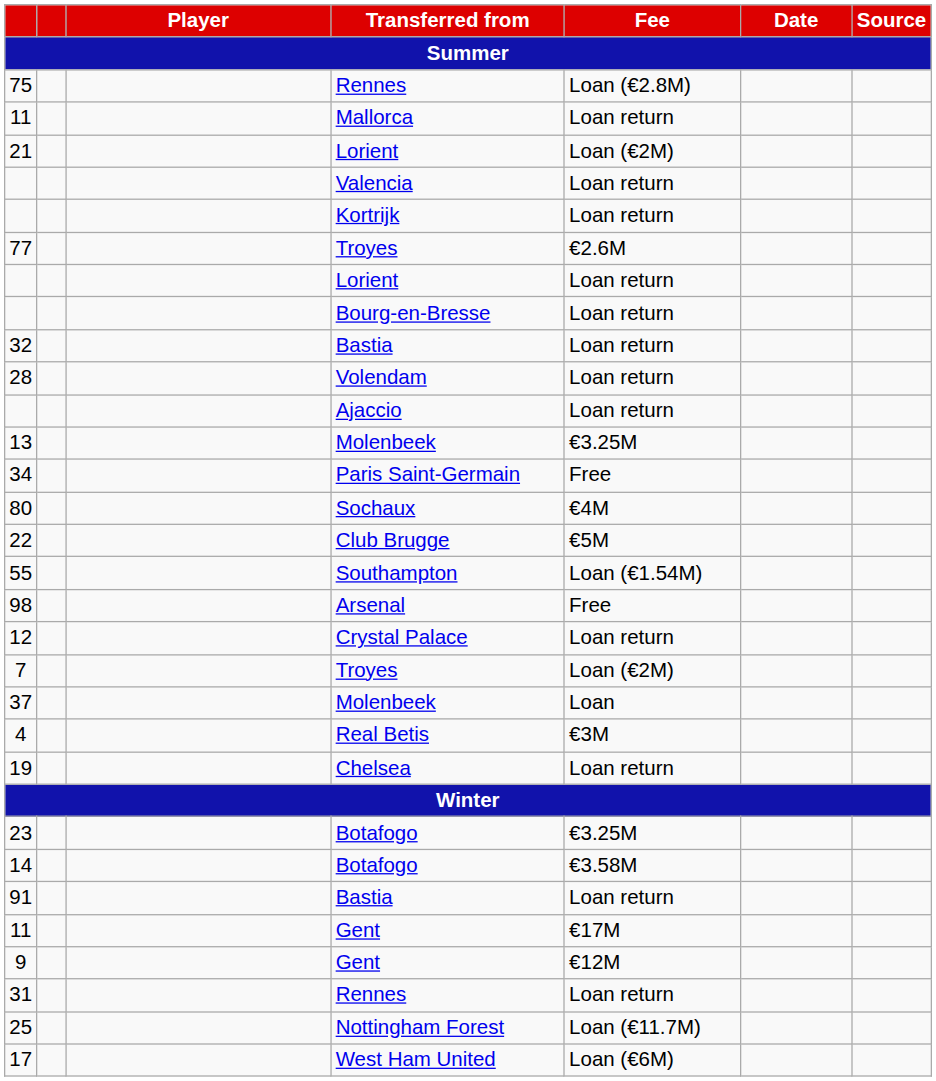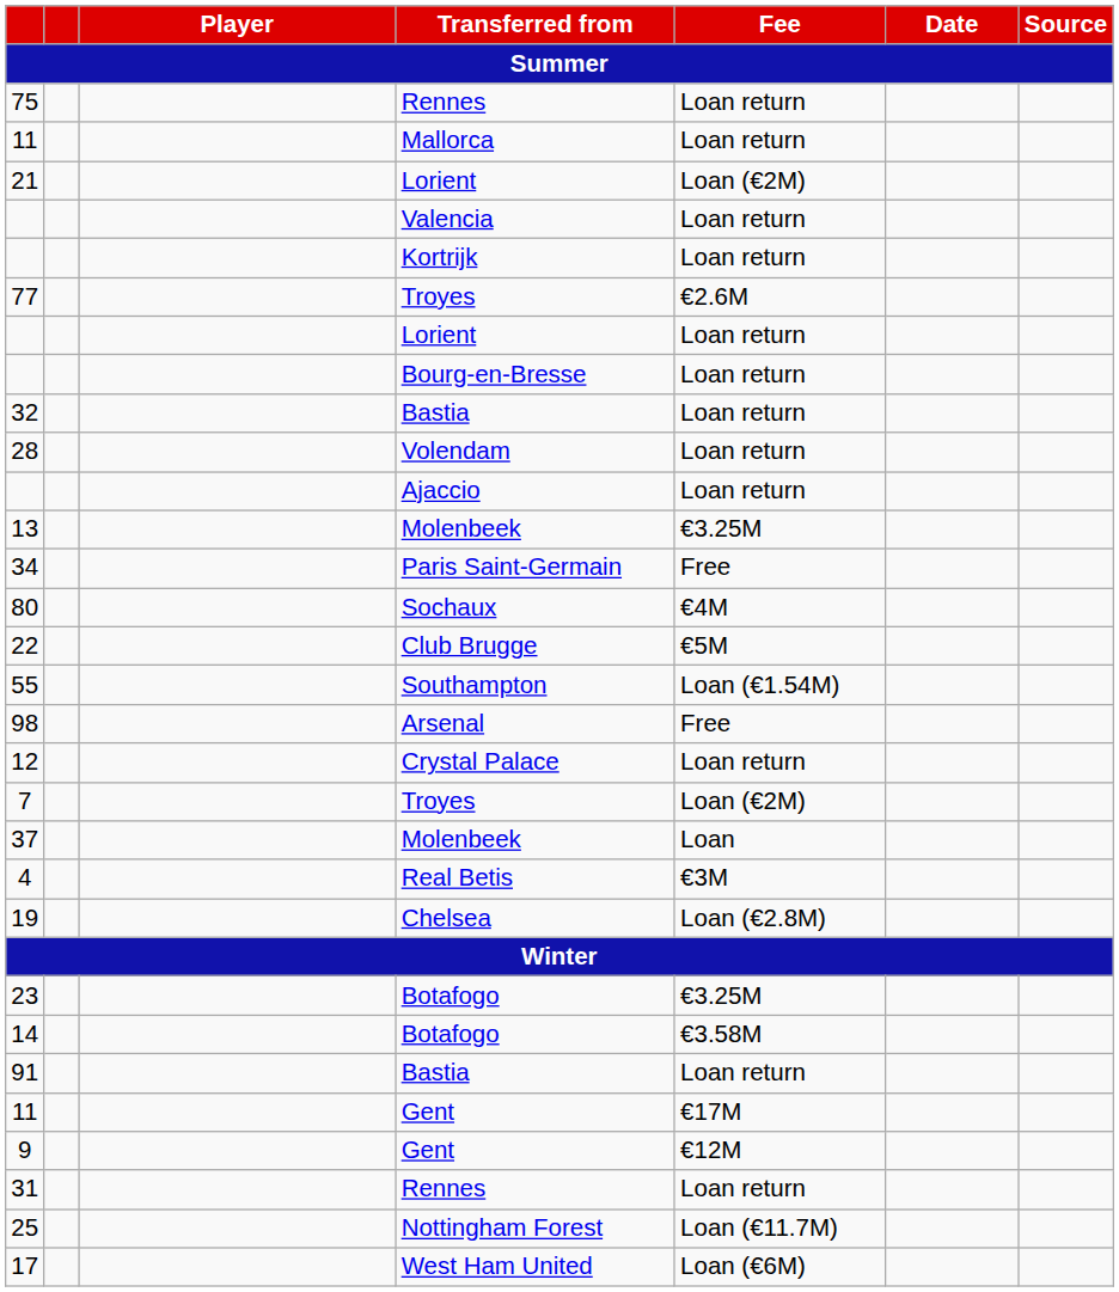 <table class="wikitable plainrowheaders sortable">
 <tr>
 <th style="background:#DD0000; color:white; scope=col; width:15px"></th>
 <th style="background:#DD0000; color:white; scope=col; width:15px"></th>
 <th style="background:#DD0000; color:white; scope=col; width:200px">Player</th>
 <th style="background:#DD0000; color:white; scope=col; width:175px">Transferred from</th>
 <th style="background:#DD0000; color:white; scope=col; width:130px">Fee</th>
 <th style="background:#DD0000; color:white; scope=col; width:80px">Date</th>
 <th style="background:#DD0000; color:white; scope=col; width:15px">Source</th>
 </tr>
 <tr>
 <th colspan="7" style="background:#1112AB; color:white;">Summer</th>
 </tr>
 <tr>
 <td align=center>75</td>
 <td align=center></td>
 <td></td>
 <td> <a href='#'>Rennes</a></td>
-<td>Loan (€2.8M)</td>
+<td>Loan return</td>
 <td></td>
 <td></td>
 </tr>
 <tr>
 <td align=center>11</td>
 <td align=center></td>
 <td></td>
 <td> <a href='#'>Mallorca</a></td>
 <td>Loan return</td>
 <td></td>
 <td></td>
 </tr>
 <tr>
 <td align=center>21</td>
 <td align=center></td>
 <td></td>
 <td> <a href='#'>Lorient</a></td>
 <td>Loan (€2M)</td>
 <td></td>
 <td></td>
 </tr>
 <tr>
 <td align=center></td>
 <td align=center></td>
 <td></td>
 <td> <a href='#'>Valencia</a></td>
 <td>Loan return</td>
 <td></td>
 <td></td>
 </tr>
 <tr>
 <td align=center></td>
 <td align=center></td>
 <td></td>
 <td> <a href='#'>Kortrijk</a></td>
 <td>Loan return</td>
 <td></td>
 <td></td>
 </tr>
 <tr>
 <td align=center>77</td>
 <td align=center></td>
 <td></td>
 <td> <a href='#'>Troyes</a></td>
 <td>€2.6M</td>
 <td></td>
 <td></td>
 </tr>
 <tr>
 <td align=center></td>
 <td align=center></td>
 <td></td>
 <td> <a href='#'>Lorient</a></td>
 <td>Loan return</td>
 <td></td>
 <td></td>
 </tr>
 <tr>
 <td align=center></td>
 <td align=center></td>
 <td></td>
 <td> <a href='#'>Bourg-en-Bresse</a></td>
 <td>Loan return</td>
 <td></td>
 <td></td>
 </tr>
 <tr>
 <td align=center>32</td>
 <td align=center></td>
 <td></td>
 <td> <a href='#'>Bastia</a></td>
 <td>Loan return</td>
 <td></td>
 <td></td>
 </tr>
 <tr>
 <td align=center>28</td>
 <td align=center></td>
 <td></td>
 <td> <a href='#'>Volendam</a></td>
 <td>Loan return</td>
 <td></td>
 <td></td>
 </tr>
 <tr>
 <td align=center></td>
 <td align=center></td>
 <td></td>
 <td> <a href='#'>Ajaccio</a></td>
 <td>Loan return</td>
 <td></td>
 <td></td>
 </tr>
 <tr>
 <td align=center>13</td>
 <td align=center></td>
 <td></td>
 <td> <a href='#'>Molenbeek</a></td>
 <td>€3.25M</td>
 <td></td>
 <td></td>
 </tr>
 <tr>
 <td align=center>34</td>
 <td align=center></td>
 <td></td>
 <td> <a href='#'>Paris Saint-Germain</a></td>
 <td>Free</td>
 <td></td>
 <td></td>
 </tr>
 <tr>
 <td align=center>80</td>
 <td align=center></td>
 <td></td>
 <td> <a href='#'>Sochaux</a></td>
 <td>€4M</td>
 <td></td>
 <td></td>
 </tr>
 <tr>
 <td align=center>22</td>
 <td align=center></td>
 <td></td>
 <td> <a href='#'>Club Brugge</a></td>
 <td>€5M</td>
 <td></td>
 <td></td>
 </tr>
 <tr>
 <td align=center>55</td>
 <td align=center></td>
 <td></td>
 <td> <a href='#'>Southampton</a></td>
 <td>Loan (€1.54M)</td>
 <td></td>
 <td></td>
 </tr>
 <tr>
 <td align=center>98</td>
 <td align=center></td>
 <td></td>
 <td> <a href='#'>Arsenal</a></td>
 <td>Free</td>
 <td></td>
 <td></td>
 </tr>
 <tr>
 <td align=center>12</td>
 <td align=center></td>
 <td></td>
 <td> <a href='#'>Crystal Palace</a></td>
 <td>Loan return</td>
 <td></td>
 <td></td>
 </tr>
 <tr>
 <td align=center>7</td>
 <td align=center></td>
 <td></td>
 <td> <a href='#'>Troyes</a></td>
 <td>Loan (€2M)</td>
 <td></td>
 <td></td>
 </tr>
 <tr>
 <td align=center>37</td>
 <td align=center></td>
 <td></td>
 <td> <a href='#'>Molenbeek</a></td>
 <td>Loan</td>
 <td></td>
 <td></td>
 </tr>
 <tr>
 <td align=center>4</td>
 <td align=center></td>
 <td></td>
 <td> <a href='#'>Real Betis</a></td>
 <td>€3M</td>
 <td></td>
 <td></td>
 </tr>
 <tr>
 <td align=center>19</td>
 <td align=center></td>
 <td></td>
 <td> <a href='#'>Chelsea</a></td>
-<td>Loan return</td>
+<td>Loan (€2.8M)</td>
 <td></td>
 <td></td>
 </tr>
 <tr>
 <th colspan="7" style="background:#1112AB; color:white;">Winter</th>
 </tr>
 <tr>
 <td align=center>23</td>
 <td align=center></td>
 <td></td>
 <td> <a href='#'>Botafogo</a></td>
 <td>€3.25M</td>
 <td></td>
 <td></td>
 </tr>
 <tr>
 <td align=center>14</td>
 <td align=center></td>
 <td></td>
 <td> <a href='#'>Botafogo</a></td>
 <td>€3.58M</td>
 <td></td>
 <td></td>
 </tr>
 <tr>
 <td align=center>91</td>
 <td align=center></td>
 <td></td>
 <td> <a href='#'>Bastia</a></td>
 <td>Loan return</td>
 <td></td>
 <td></td>
 </tr>
 <tr>
 <td align=center>11</td>
 <td align=center></td>
 <td></td>
 <td> <a href='#'>Gent</a></td>
 <td>€17M</td>
 <td></td>
 <td></td>
 </tr>
 <tr>
 <td align=center>9</td>
 <td align=center></td>
 <td></td>
 <td> <a href='#'>Gent</a></td>
 <td>€12M</td>
 <td></td>
 <td></td>
 </tr>
 <tr>
 <td align=center>31</td>
 <td align=center></td>
 <td></td>
 <td> <a href='#'>Rennes</a></td>
 <td>Loan return</td>
 <td></td>
 <td></td>
 </tr>
 <tr>
 <td align=center>25</td>
 <td align=center></td>
 <td></td>
 <td> <a href='#'>Nottingham Forest</a></td>
 <td>Loan (€11.7M)</td>
 <td></td>
 <td></td>
 </tr>
 <tr>
 <td align=center>17</td>
 <td align=center></td>
 <td></td>
 <td> <a href='#'>West Ham United</a></td>
 <td>Loan (€6M)</td>
 <td></td>
 <td></td>
 </tr>
 </table>
